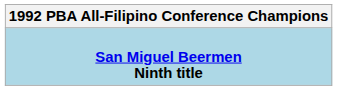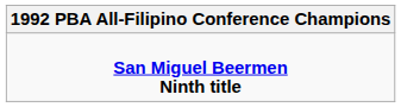 <table class=wikitable style="text-align:center; margin:auto">
 <tr>
 <th>1992 PBA All-Filipino Conference Champions</th>
 </tr>
 <tr>
-<td style="background: lightblue;"><br> <strong><a href='#'>San Miguel Beermen</a></strong> <br> <strong>Ninth title</strong></td>
+<td><br> <strong><a href='#'>San Miguel Beermen</a></strong> <br> <strong>Ninth title</strong></td>
 </tr>
 </table>
